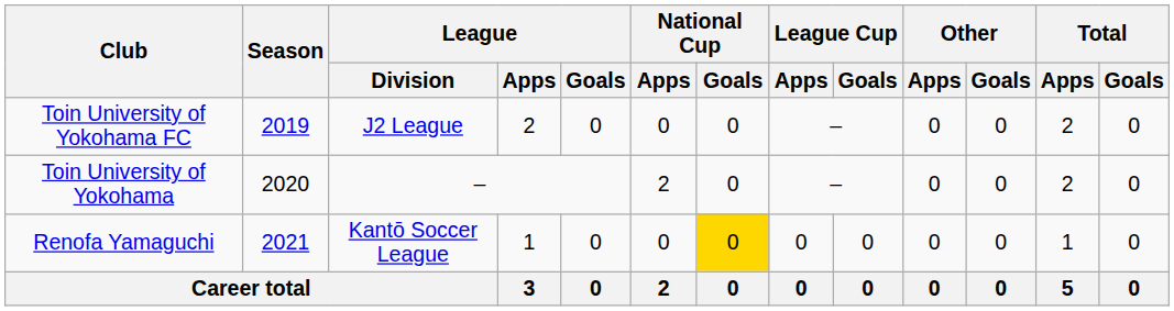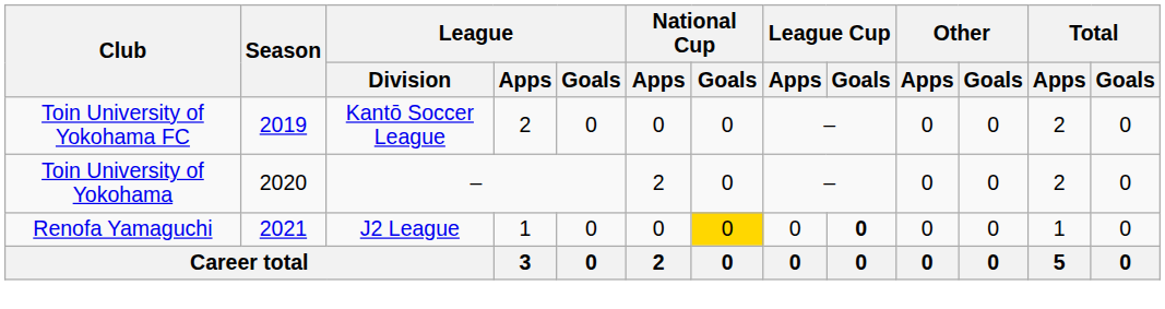 <table class="wikitable" style="text-align: center">
 <tr>
 <th rowspan="2">Club</th>
 <th rowspan="2">Season</th>
 <th colspan="3">League</th>
 <th colspan="2">National Cup</th>
 <th colspan="2">League Cup</th>
 <th colspan="2">Other</th>
 <th colspan="2">Total</th>
 </tr>
 <tr>
 <th>Division</th>
 <th>Apps</th>
 <th>Goals</th>
 <th>Apps</th>
 <th>Goals</th>
 <th>Apps</th>
 <th>Goals</th>
 <th>Apps</th>
 <th>Goals</th>
 <th>Apps</th>
 <th>Goals</th>
 </tr>
 <tr>
 <td><a href='#'>Toin University of Yokohama FC</a></td>
 <td><a href='#'>2019</a></td>
-<td><a href='#'>J2 League</a></td>
+<td><a href='#'>Kantō Soccer League</a></td>
 <td>2</td>
 <td>0</td>
 <td>0</td>
 <td>0</td>
 <td colspan="2">–</td>
 <td>0</td>
 <td>0</td>
 <td>2</td>
 <td>0</td>
 </tr>
 <tr>
 <td><a href='#'>Toin University of Yokohama</a></td>
 <td>2020</td>
 <td colspan="3">–</td>
 <td>2</td>
 <td>0</td>
 <td colspan="2">–</td>
 <td>0</td>
 <td>0</td>
 <td>2</td>
 <td>0</td>
 </tr>
 <tr>
 <td><a href='#'>Renofa Yamaguchi</a></td>
 <td><a href='#'>2021</a></td>
-<td><a href='#'>Kantō Soccer League</a></td>
+<td><a href='#'>J2 League</a></td>
 <td>1</td>
 <td>0</td>
 <td>0</td>
 <td style="background: gold;">0</td>
 <td>0</td>
-<td>0</td>
+<td><strong>0</strong></td>
 <td>0</td>
 <td>0</td>
 <td>1</td>
 <td>0</td>
 </tr>
 <tr>
 <th colspan=3>Career total</th>
 <th>3</th>
 <th>0</th>
 <th>2</th>
 <th>0</th>
 <th>0</th>
 <th>0</th>
 <th>0</th>
 <th>0</th>
 <th>5</th>
 <th>0</th>
 </tr>
 </table>
